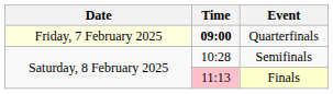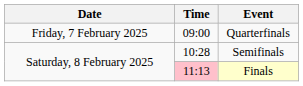 <table class = "wikitable" style="text-align:center;">
 <tr>
 <th width=220>Date</th>
 <th width=50>Time</th>
 <th width=100>Event</th>
 </tr>
 <tr>
-<td style="background: lightyellow;">Friday, 7 February 2025</td>
-<td><strong>09:00</strong></td>
+<td>Friday, 7 February 2025</td>
+<td>09:00</td>
 <td>Quarterfinals</td>
 </tr>
 <tr>
 <td rowspan=2>Saturday, 8 February 2025</td>
 <td>10:28</td>
 <td>Semifinals</td>
 </tr>
 <tr>
 <td style="background: pink;">11:13</td>
 <td bgcolor=ffffcc>Finals</td>
 </tr>
 </table>
